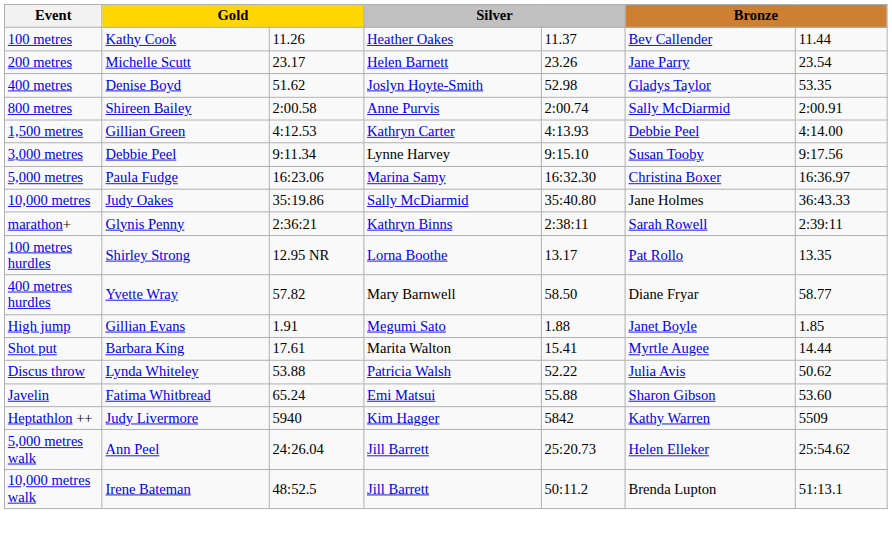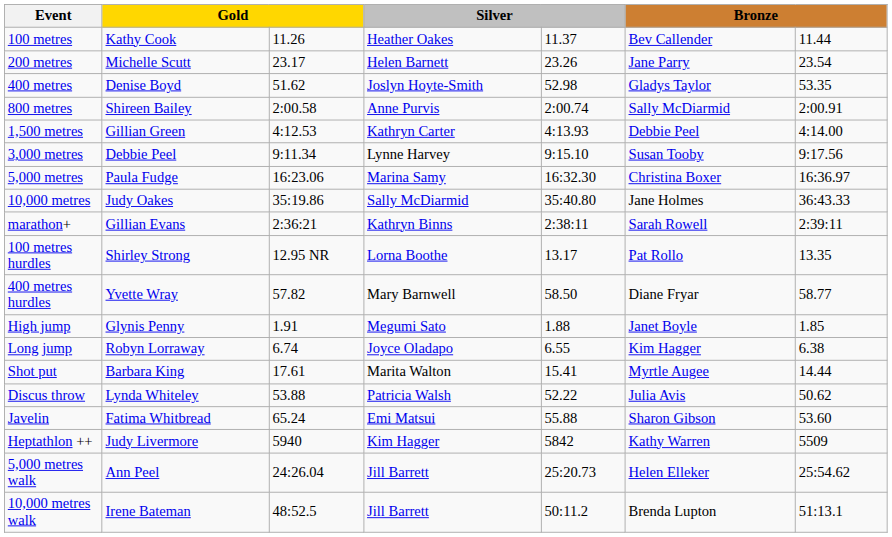 <table class="wikitable" style="text-align:left">
 <tr>
 <th width=100>Event</th>
 <th colspan="2" width="280" style="background:gold;">Gold</th>
 <th colspan="2" width="280" style="background:silver;">Silver</th>
 <th colspan="2" width="280" style="background:#CD7F32;">Bronze</th>
 </tr>
 <tr>
 <td><a href='#'>100 metres</a></td>
 <td><a href='#'>Kathy Cook</a></td>
 <td>11.26</td>
 <td><a href='#'>Heather Oakes</a></td>
 <td>11.37</td>
 <td><a href='#'>Bev Callender</a></td>
 <td>11.44</td>
 </tr>
 <tr>
 <td><a href='#'>200 metres</a></td>
 <td> <a href='#'>Michelle Scutt</a></td>
 <td>23.17</td>
 <td><a href='#'>Helen Barnett</a></td>
 <td>23.26</td>
 <td><a href='#'>Jane Parry</a></td>
 <td>23.54</td>
 </tr>
 <tr>
 <td><a href='#'>400 metres</a></td>
 <td> <a href='#'>Denise Boyd</a></td>
 <td>51.62</td>
 <td><a href='#'>Joslyn Hoyte-Smith</a></td>
 <td>52.98</td>
 <td><a href='#'>Gladys Taylor</a></td>
 <td>53.35</td>
 </tr>
 <tr>
 <td><a href='#'>800 metres</a></td>
 <td><a href='#'>Shireen Bailey</a></td>
 <td>2:00.58</td>
 <td> <a href='#'>Anne Purvis</a></td>
 <td>2:00.74</td>
 <td><a href='#'>Sally McDiarmid</a></td>
 <td>2:00.91</td>
 </tr>
 <tr>
 <td><a href='#'>1,500 metres</a></td>
 <td><a href='#'>Gillian Green</a></td>
 <td>4:12.53</td>
 <td><a href='#'>Kathryn Carter</a></td>
 <td>4:13.93</td>
 <td><a href='#'>Debbie Peel</a></td>
 <td>4:14.00</td>
 </tr>
 <tr>
 <td><a href='#'>3,000 metres</a></td>
 <td><a href='#'>Debbie Peel</a></td>
 <td>9:11.34</td>
 <td>Lynne Harvey</td>
 <td>9:15.10</td>
 <td> <a href='#'>Susan Tooby</a></td>
 <td>9:17.56</td>
 </tr>
 <tr>
 <td><a href='#'>5,000 metres</a></td>
 <td><a href='#'>Paula Fudge</a></td>
 <td>16:23.06</td>
 <td><a href='#'>Marina Samy</a></td>
 <td>16:32.30</td>
 <td><a href='#'>Christina Boxer</a></td>
 <td>16:36.97</td>
 </tr>
 <tr>
 <td><a href='#'>10,000 metres</a></td>
 <td><a href='#'>Judy Oakes</a></td>
 <td>35:19.86</td>
 <td><a href='#'>Sally McDiarmid</a></td>
 <td>35:40.80</td>
 <td>Jane Holmes</td>
 <td>36:43.33</td>
 </tr>
 <tr>
 <td><a href='#'>marathon</a>+</td>
-<td><a href='#'>Glynis Penny</a></td>
+<td><a href='#'>Gillian Evans</a></td>
 <td>2:36:21</td>
 <td><a href='#'>Kathryn Binns</a></td>
 <td>2:38:11</td>
 <td><a href='#'>Sarah Rowell</a></td>
 <td>2:39:11</td>
 </tr>
 <tr>
 <td><a href='#'>100 metres hurdles</a></td>
 <td><a href='#'>Shirley Strong</a></td>
 <td>12.95 NR</td>
 <td><a href='#'>Lorna Boothe</a></td>
 <td>13.17</td>
 <td> <a href='#'>Pat Rollo</a></td>
 <td>13.35</td>
 </tr>
 <tr>
 <td><a href='#'>400 metres hurdles</a></td>
 <td><a href='#'>Yvette Wray</a></td>
 <td>57.82</td>
 <td> Mary Barnwell</td>
 <td>58.50</td>
 <td>Diane Fryar</td>
 <td>58.77</td>
 </tr>
 <tr>
 <td><a href='#'>High jump</a></td>
-<td><a href='#'>Gillian Evans</a></td>
+<td><a href='#'>Glynis Penny</a></td>
 <td>1.91</td>
 <td> <a href='#'>Megumi Sato</a></td>
 <td>1.88</td>
 <td> <a href='#'>Janet Boyle</a></td>
 <td>1.85</td>
+</tr>
+<tr>
+<td><a href='#'>Long jump</a></td>
+<td> <a href='#'>Robyn Lorraway</a></td>
+<td>6.74</td>
+<td><a href='#'>Joyce Oladapo</a></td>
+<td>6.55</td>
+<td><a href='#'>Kim Hagger</a></td>
+<td>6.38</td>
 </tr>
 <tr>
 <td><a href='#'>Shot put</a></td>
 <td><a href='#'>Barbara King</a></td>
 <td>17.61</td>
 <td> Marita Walton</td>
 <td>15.41</td>
 <td><a href='#'>Myrtle Augee</a></td>
 <td>14.44</td>
 </tr>
 <tr>
 <td><a href='#'>Discus throw</a></td>
 <td><a href='#'>Lynda Whiteley</a></td>
 <td>53.88</td>
 <td> <a href='#'>Patricia Walsh</a></td>
 <td>52.22</td>
 <td><a href='#'>Julia Avis</a></td>
 <td>50.62</td>
 </tr>
 <tr>
 <td><a href='#'>Javelin</a></td>
 <td><a href='#'>Fatima Whitbread</a></td>
 <td>65.24</td>
 <td> <a href='#'>Emi Matsui</a></td>
 <td>55.88</td>
 <td><a href='#'>Sharon Gibson</a></td>
 <td>53.60</td>
 </tr>
 <tr>
 <td><a href='#'>Heptathlon</a> ++</td>
 <td><a href='#'>Judy Livermore</a></td>
 <td>5940</td>
 <td><a href='#'>Kim Hagger</a></td>
 <td>5842</td>
 <td><a href='#'>Kathy Warren</a></td>
 <td>5509</td>
 </tr>
 <tr>
 <td><a href='#'>5,000 metres walk</a></td>
 <td> <a href='#'>Ann Peel</a></td>
 <td>24:26.04</td>
 <td><a href='#'>Jill Barrett</a></td>
 <td>25:20.73</td>
 <td><a href='#'>Helen Elleker</a></td>
 <td>25:54.62</td>
 </tr>
 <tr>
 <td><a href='#'>10,000 metres walk</a></td>
 <td><a href='#'>Irene Bateman</a></td>
 <td>48:52.5</td>
 <td><a href='#'>Jill Barrett</a></td>
 <td>50:11.2</td>
 <td>Brenda Lupton</td>
 <td>51:13.1</td>
 </tr>
 </table>
